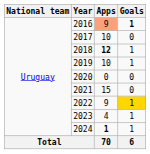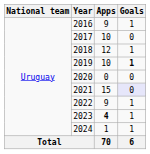 <table class=wikitable style="text-align: center;">
 <tr>
 <th>National team</th>
 <th>Year</th>
 <th>Apps</th>
 <th>Goals</th>
 </tr>
 <tr>
 <td rowspan=9><a href='#'>Uruguay</a></td>
 <td>2016</td>
-<td style="background: lightsalmon;">9</td>
-<td><strong>1</strong></td>
+<td>9</td>
+<td>1</td>
 </tr>
 <tr>
 <td>2017</td>
 <td>10</td>
 <td>0</td>
 </tr>
 <tr>
 <td>2018</td>
-<td><strong>12</strong></td>
+<td>12</td>
 <td>1</td>
 </tr>
 <tr>
 <td>2019</td>
 <td>10</td>
-<td>1</td>
+<td><strong>1</strong></td>
 </tr>
 <tr>
 <td>2020</td>
 <td>0</td>
 <td>0</td>
 </tr>
 <tr>
 <td>2021</td>
 <td>15</td>
-<td>0</td>
+<td style="background: lavender;">0</td>
 </tr>
 <tr>
 <td>2022</td>
 <td>9</td>
-<td style="background: gold;">1</td>
+<td>1</td>
 </tr>
 <tr>
 <td>2023</td>
-<td>4</td>
+<td><strong>4</strong></td>
 <td>1</td>
 </tr>
 <tr>
 <td>2024</td>
-<td><strong>1</strong></td>
+<td>1</td>
 <td>1</td>
 </tr>
 <tr>
 <th colspan=2>Total</th>
 <th>70</th>
 <th>6</th>
 </tr>
 </table>
